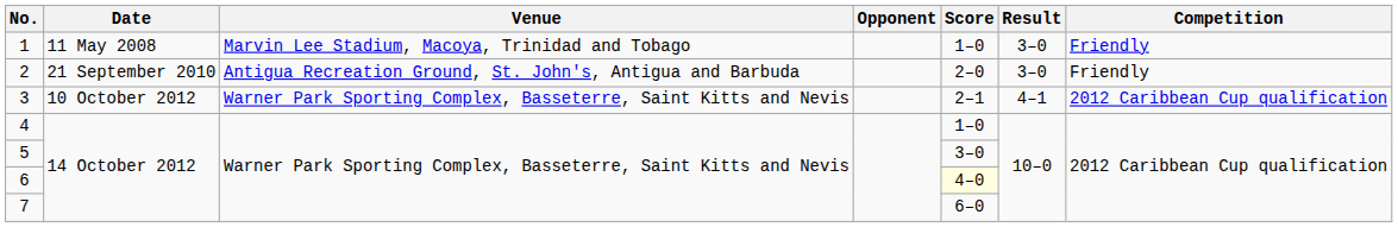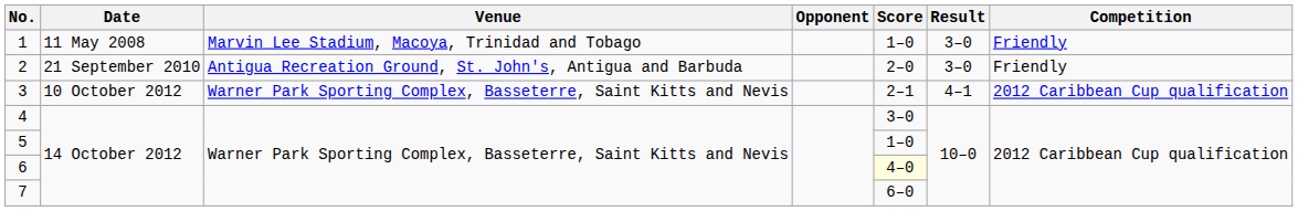 <table class="wikitable sortable">
 <tr>
 <th scope="col">No.</th>
 <th scope="col">Date</th>
 <th scope="col">Venue</th>
 <th scope="col">Opponent</th>
 <th scope="col">Score</th>
 <th scope="col">Result</th>
 <th scope="col">Competition</th>
 </tr>
 <tr>
 <td style="text-align:center">1</td>
 <td>11 May 2008</td>
 <td><a href='#'>Marvin Lee Stadium</a>, <a href='#'>Macoya</a>, Trinidad and Tobago</td>
 <td></td>
 <td style="text-align:center">1–0</td>
 <td style="text-align:center">3–0</td>
 <td><a href='#'>Friendly</a></td>
 </tr>
 <tr>
 <td style="text-align:center">2</td>
 <td>21 September 2010</td>
 <td><a href='#'>Antigua Recreation Ground</a>, <a href='#'>St. John's</a>, Antigua and Barbuda</td>
 <td></td>
 <td style="text-align:center">2–0</td>
 <td style="text-align:center">3–0</td>
 <td>Friendly</td>
 </tr>
 <tr>
 <td style="text-align:center">3</td>
 <td>10 October 2012</td>
 <td><a href='#'>Warner Park Sporting Complex</a>, <a href='#'>Basseterre</a>, Saint Kitts and Nevis</td>
 <td></td>
 <td style="text-align:center">2–1</td>
 <td style="text-align:center">4–1</td>
 <td><a href='#'>2012 Caribbean Cup qualification</a></td>
 </tr>
 <tr>
 <td style="text-align:center">4</td>
 <td rowspan="4">14 October 2012</td>
 <td rowspan="4">Warner Park Sporting Complex, Basseterre, Saint Kitts and Nevis</td>
 <td rowspan="4"></td>
-<td style="text-align:center">1–0</td>
+<td style="text-align:center">3–0</td>
 <td rowspan="4" style="text-align:center">10–0</td>
 <td rowspan="4">2012 Caribbean Cup qualification</td>
 </tr>
 <tr>
 <td style="text-align:center">5</td>
-<td style="text-align:center">3–0</td>
+<td style="text-align:center">1–0</td>
 </tr>
 <tr>
 <td style="text-align:center">6</td>
 <td style="background: lightyellow; text-align:center">4–0</td>
 </tr>
 <tr>
 <td style="text-align:center">7</td>
 <td style="text-align:center">6–0</td>
 </tr>
 </table>
